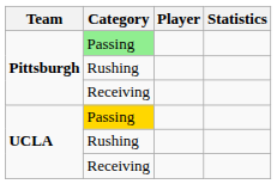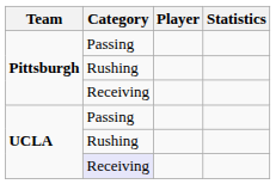 <table class="wikitable" style="float: right;">
 <tr>
 <th>Team</th>
 <th>Category</th>
 <th>Player</th>
 <th>Statistics</th>
 </tr>
 <tr>
 <td rowspan=3><strong>Pittsburgh</strong></td>
-<td style="background: lightgreen;">Passing</td>
+<td>Passing</td>
 <td></td>
 <td></td>
 </tr>
 <tr>
 <td>Rushing</td>
 <td></td>
 <td></td>
 </tr>
 <tr>
 <td>Receiving</td>
 <td></td>
 <td></td>
 </tr>
 <tr>
 <td rowspan=3><strong>UCLA</strong></td>
-<td style="background: gold;">Passing</td>
+<td>Passing</td>
 <td></td>
 <td></td>
 </tr>
 <tr>
 <td>Rushing</td>
 <td></td>
 <td></td>
 </tr>
 <tr>
-<td>Receiving</td>
+<td style="background: lavender;">Receiving</td>
 <td></td>
 <td></td>
 </tr>
 </table>
